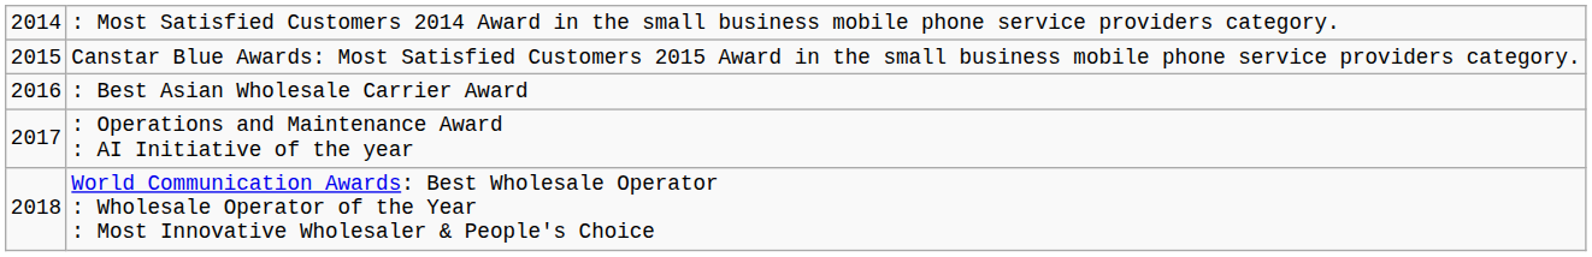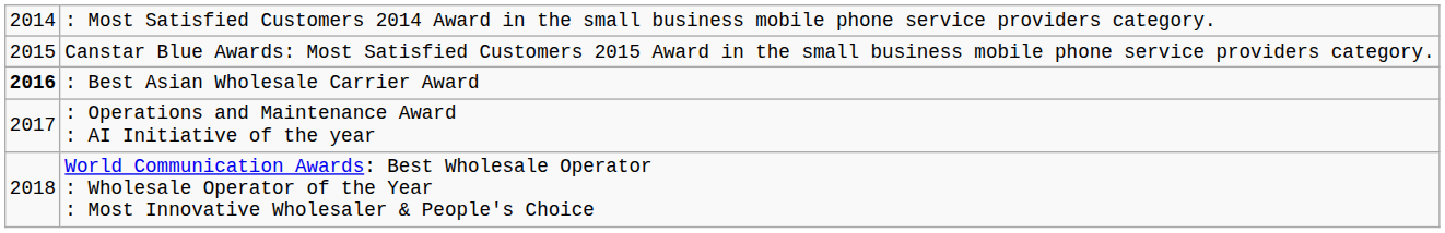 <table class="wikitable">
 <tr>
 <td>2014</td>
 <td>: Most Satisfied Customers 2014 Award in the small business mobile phone service providers category.</td>
 </tr>
 <tr>
 <td>2015</td>
 <td>Canstar Blue Awards: Most Satisfied Customers 2015 Award in the small business mobile phone service providers category.</td>
 </tr>
 <tr>
-<td>2016</td>
+<td><strong>2016</strong></td>
 <td>: Best Asian Wholesale Carrier Award</td>
 </tr>
 <tr>
 <td>2017</td>
 <td>: Operations and Maintenance Award<br>: AI Initiative of the year</td>
 </tr>
 <tr>
 <td>2018</td>
 <td><a href='#'>World Communication Awards</a>: Best Wholesale Operator<br>: Wholesale Operator of the Year<br>: Most Innovative Wholesaler & People's Choice</td>
 </tr>
 </table>
